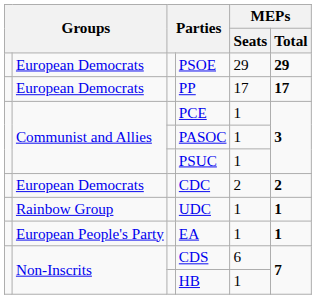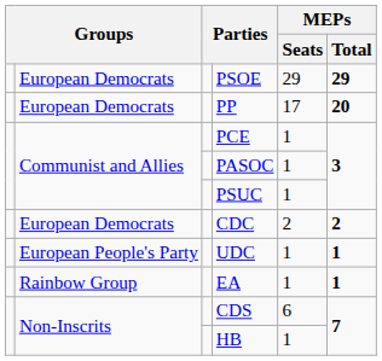 <table class="wikitable" style="text-align:left;">
 <tr>
 <th rowspan="2" colspan="2">Groups</th>
 <th rowspan="2" colspan="2">Parties</th>
 <th colspan="2">MEPs</th>
 </tr>
 <tr>
 <th>Seats</th>
 <th>Total</th>
 </tr>
 <tr>
 <td width="1" style="color:inherit;background:"></td>
 <td><a href='#'>European Democrats</a></td>
 <td width="1" style="color:inherit;background:"></td>
 <td><a href='#'>PSOE</a></td>
 <td>29</td>
 <td><strong>29</strong></td>
 </tr>
 <tr>
 <td style="color:inherit;background:"></td>
 <td><a href='#'>European Democrats</a></td>
 <td style="color:inherit;background:"></td>
 <td><a href='#'>PP</a></td>
 <td>17</td>
-<td><strong>17</strong></td>
+<td><strong>20</strong></td>
 </tr>
 <tr>
 <td rowspan="3" style="color:inherit;background:"></td>
 <td rowspan="3"><a href='#'>Communist and Allies</a></td>
 <td style="color:inherit;background:"></td>
 <td><a href='#'>PCE</a></td>
 <td>1</td>
 <td rowspan="3"><strong>3</strong></td>
 </tr>
 <tr>
 <td style="color:inherit;background:"></td>
 <td><a href='#'>PASOC</a></td>
 <td>1</td>
 </tr>
 <tr>
 <td style="color:inherit;background:"></td>
 <td><a href='#'>PSUC</a></td>
 <td>1</td>
 </tr>
 <tr>
 <td style="color:inherit;background:"></td>
 <td><a href='#'>European Democrats</a></td>
 <td style="color:inherit;background:"></td>
 <td><a href='#'>CDC</a></td>
 <td>2</td>
 <td><strong>2</strong></td>
 </tr>
 <tr>
 <td style="color:inherit;background:"></td>
-<td><a href='#'>Rainbow Group</a></td>
+<td><a href='#'>European People's Party</a></td>
 <td style="color:inherit;background:"></td>
 <td><a href='#'>UDC</a></td>
 <td>1</td>
 <td><strong>1</strong></td>
 </tr>
 <tr>
 <td style="color:inherit;background:"></td>
-<td><a href='#'>European People's Party</a></td>
+<td><a href='#'>Rainbow Group</a></td>
 <td style="color:inherit;background:"></td>
 <td><a href='#'>EA</a></td>
 <td>1</td>
 <td><strong>1</strong></td>
 </tr>
 <tr>
 <td rowspan="2" style="color:inherit;background:"></td>
 <td rowspan="2"><a href='#'>Non-Inscrits</a></td>
 <td style="color:inherit;background:"></td>
 <td><a href='#'>CDS</a></td>
 <td>6</td>
 <td rowspan="2"><strong>7</strong></td>
 </tr>
 <tr>
 <td style="color:inherit;background:"></td>
 <td><a href='#'>HB</a></td>
 <td>1</td>
 </tr>
 </table>
